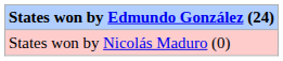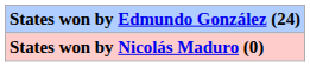 <table class="wikitable">
 <tr style="background:#B0CEFF">
 <td><strong>States won by <a href='#'>Edmundo González</a> (24)</strong></td>
 </tr>
 <tr style="background:#ffcccc">
-<td>States won by <a href='#'>Nicolás Maduro</a> (0)</td>
+<td><strong>States won by <a href='#'>Nicolás Maduro</a> (0)</strong></td>
 </tr>
 </table>
